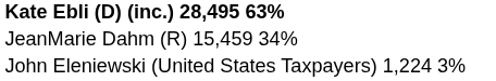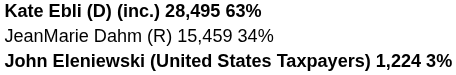 <table>
 <tr>
 <td><strong>Kate Ebli (D) (inc.) 28,495 63%</strong></td>
 </tr>
 <tr>
 <td>JeanMarie Dahm (R) 15,459 34%</td>
 </tr>
 <tr>
-<td>John Eleniewski (United States Taxpayers) 1,224 3%</td>
+<td><strong>John Eleniewski (United States Taxpayers) 1,224 3%</strong></td>
 </tr>
 </table>
